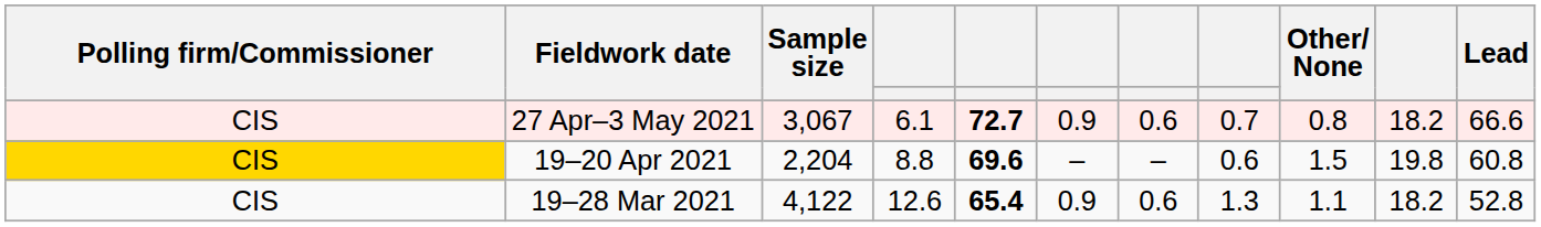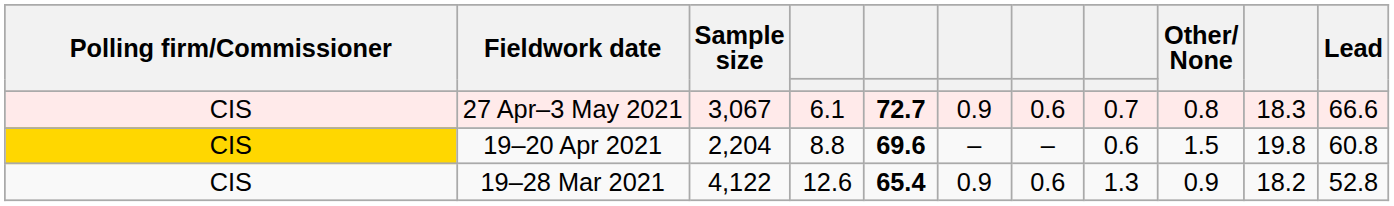 <table class="wikitable collapsible collapsed" style="text-align:center; font-size:90%; line-height:14px;">
 <tr style="height:42px;">
 <th style="width:250px;" rowspan="2">Polling firm/Commissioner</th>
 <th style="width:125px;" rowspan="2">Fieldwork date</th>
 <th style="width:50px;" rowspan="2">Sample size</th>
 <th style="width:35px;"></th>
 <th style="width:35px;"></th>
 <th style="width:35px;"></th>
 <th style="width:35px;"></th>
 <th style="width:35px;"></th>
 <th style="width:35px;" rowspan="2">Other/<br>None</th>
 <th style="width:35px;" rowspan="2"></th>
 <th style="width:30px;" rowspan="2">Lead</th>
 </tr>
 <tr>
 <th style="color:inherit;background:"></th>
 <th style="color:inherit;background:"></th>
 <th style="color:inherit;background:"></th>
 <th style="color:inherit;background:"></th>
 <th style="color:inherit;background:"></th>
 </tr>
 <tr style="background:#FFEAEA;">
 <td>CIS</td>
 <td>27 Apr–3 May 2021</td>
 <td>3,067</td>
 <td>6.1</td>
 <td><strong>72.7</strong></td>
 <td>0.9</td>
 <td>0.6</td>
 <td>0.7</td>
 <td>0.8</td>
-<td>18.2</td>
+<td>18.3</td>
 <td style="background:">66.6</td>
 </tr>
 <tr>
 <td style="background: gold;">CIS</td>
 <td>19–20 Apr 2021</td>
 <td>2,204</td>
 <td>8.8</td>
 <td><strong>69.6</strong></td>
 <td>–</td>
 <td>–</td>
 <td>0.6</td>
 <td>1.5</td>
 <td>19.8</td>
 <td style="background:">60.8</td>
 </tr>
 <tr>
 <td>CIS</td>
 <td>19–28 Mar 2021</td>
 <td>4,122</td>
 <td>12.6</td>
 <td><strong>65.4</strong></td>
 <td>0.9</td>
 <td>0.6</td>
 <td>1.3</td>
-<td>1.1</td>
+<td>0.9</td>
 <td>18.2</td>
 <td style="background:">52.8</td>
 </tr>
 </table>
